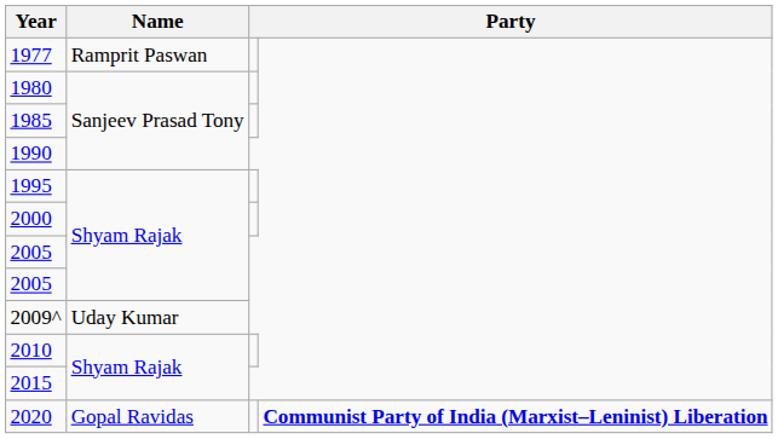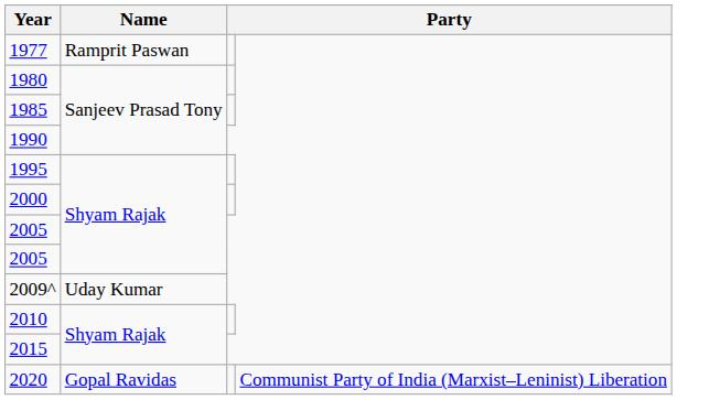 <table class="wikitable sortable">
 <tr>
 <th>Year</th>
 <th>Name</th>
 <th colspan="2">Party</th>
 </tr>
 <tr>
 <td><a href='#'>1977</a></td>
 <td>Ramprit Paswan</td>
 <td></td>
 </tr>
 <tr>
 <td><a href='#'>1980</a></td>
 <td rowspan="3">Sanjeev Prasad Tony</td>
 <td></td>
 </tr>
 <tr>
 <td><a href='#'>1985</a></td>
 <td></td>
 </tr>
 <tr>
 <td><a href='#'>1990</a></td>
 </tr>
 <tr>
 <td><a href='#'>1995</a></td>
 <td rowspan="4"><a href='#'>Shyam Rajak</a></td>
 <td></td>
 </tr>
 <tr>
 <td><a href='#'>2000</a></td>
 <td></td>
 </tr>
 <tr>
 <td><a href='#'>2005</a></td>
 </tr>
 <tr>
 <td><a href='#'>2005</a></td>
 </tr>
 <tr>
 <td>2009^</td>
 <td>Uday Kumar</td>
 </tr>
 <tr>
 <td><a href='#'>2010</a></td>
 <td rowspan="2"><a href='#'>Shyam Rajak</a></td>
 <td></td>
 </tr>
 <tr>
 <td><a href='#'>2015</a></td>
 </tr>
 <tr>
 <td><a href='#'>2020</a></td>
 <td><a href='#'>Gopal Ravidas</a></td>
 <td rowspan="2" style="background-color:"></td>
-<td><strong><a href='#'>Communist Party of India (Marxist–Leninist) Liberation</a></strong></td>
+<td><a href='#'>Communist Party of India (Marxist–Leninist) Liberation</a></td>
 </tr>
 </table>
